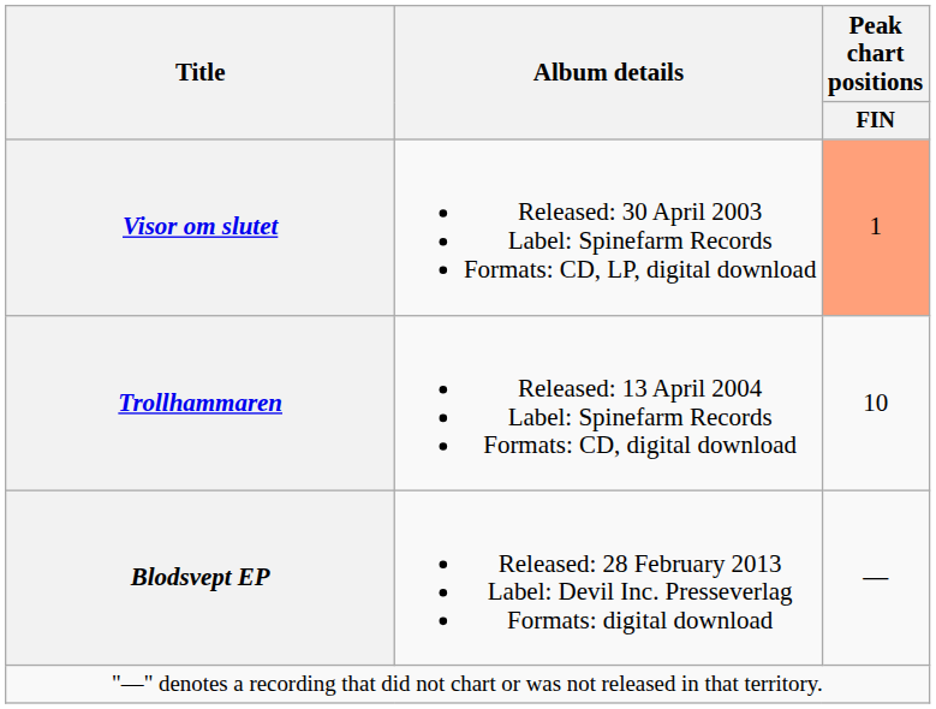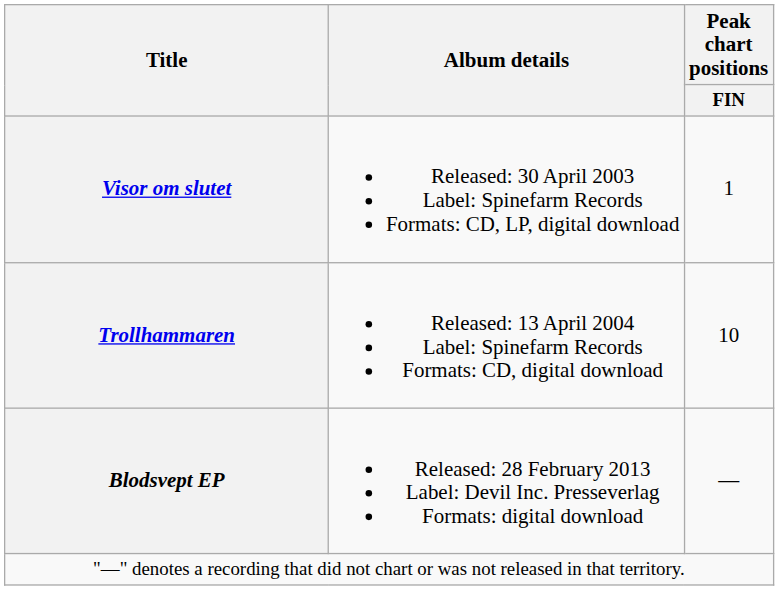 <table class="wikitable plainrowheaders" style="text-align:center;">
 <tr>
 <th scope="col" rowspan="2" style="width:15em;">Title</th>
 <th scope="col" rowspan="2">Album details</th>
 <th scope="col">Peak chart positions</th>
 </tr>
 <tr>
 <th scope="col" style="width:3em;font-size:90%;">FIN<br></th>
 </tr>
 <tr>
 <th scope="row"><em><a href='#'>Visor om slutet</a></em></th>
 <td><br><ul><li>Released: 30 April 2003</li><li>Label: Spinefarm Records</li><li>Formats: CD, LP, digital download</li></ul></td>
-<td style="background: lightsalmon;">1</td>
+<td>1</td>
 </tr>
 <tr>
 <th scope="row"><em><a href='#'>Trollhammaren</a></em></th>
 <td><br><ul><li>Released: 13 April 2004</li><li>Label: Spinefarm Records</li><li>Formats: CD, digital download</li></ul></td>
 <td>10</td>
 </tr>
 <tr>
 <th scope="row"><em>Blodsvept EP</em></th>
 <td><br><ul><li>Released: 28 February 2013</li><li>Label: Devil Inc. Presseverlag</li><li>Formats: digital download</li></ul></td>
 <td>—</td>
 </tr>
 <tr>
 <td colspan="10" style="font-size:90%">"—" denotes a recording that did not chart or was not released in that territory.</td>
 </tr>
 </table>
